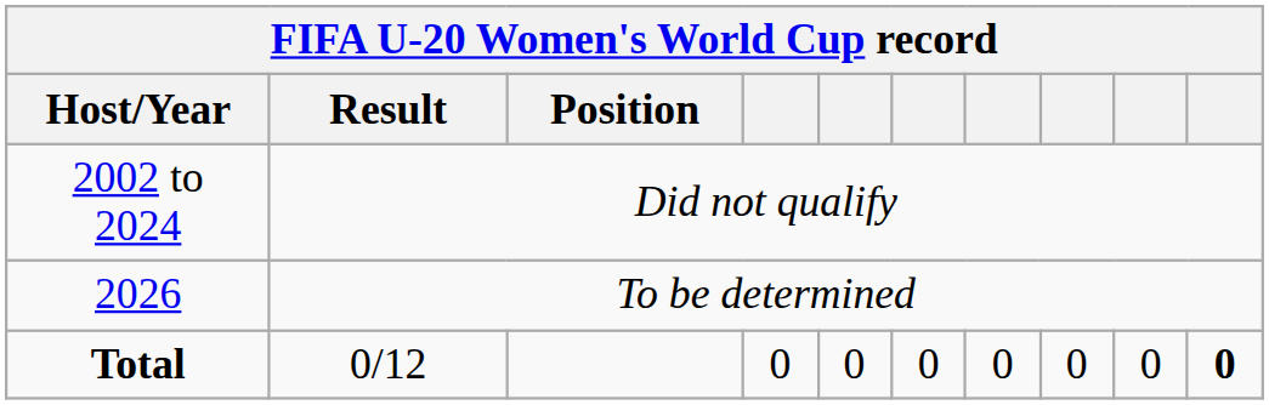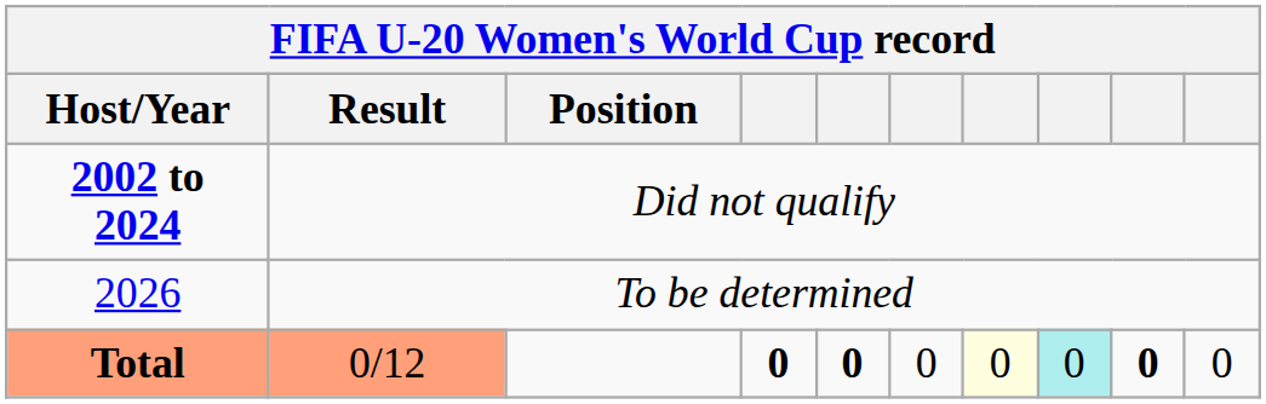 <table class="wikitable collapsible" style="text-align: center;">
 <tr>
 <th colspan=10 style="background:color: #0000FF;"><a href='#'>FIFA U-20 Women's World Cup</a> record</th>
 </tr>
 <tr>
 <th width="90">Host/Year</th>
 <th width="80">Result</th>
 <th width="80">Position</th>
 <th width="20"></th>
 <th width="20"></th>
 <th width="20"></th>
 <th width="20"></th>
 <th width="20"></th>
 <th width="20"></th>
 <th width="20"></th>
 </tr>
 <tr>
-<td> <a href='#'>2002</a> to <br>  <a href='#'>2024</a></td>
+<td><strong> <a href='#'>2002</a> to <br>  <a href='#'>2024</a></strong></td>
 <td colspan = 9><em>Did not qualify</em></td>
 </tr>
 <tr>
 <td> <a href='#'>2026</a></td>
 <td colspan = 9><em>To be determined</em></td>
 </tr>
 <tr>
-<td><strong>Total</strong></td>
-<td>0/12</td>
+<td style="background: lightsalmon;"><strong>Total</strong></td>
+<td style="background: lightsalmon;">0/12</td>
 <td></td>
+<td><strong>0</strong></td>
+<td><strong>0</strong></td>
 <td>0</td>
+<td style="background: lightyellow;">0</td>
+<td style="background: paleturquoise;">0</td>
+<td><strong>0</strong></td>
 <td>0</td>
-<td>0</td>
-<td>0</td>
-<td>0</td>
-<td>0</td>
-<td><strong>0</strong></td>
 </tr>
 </table>
